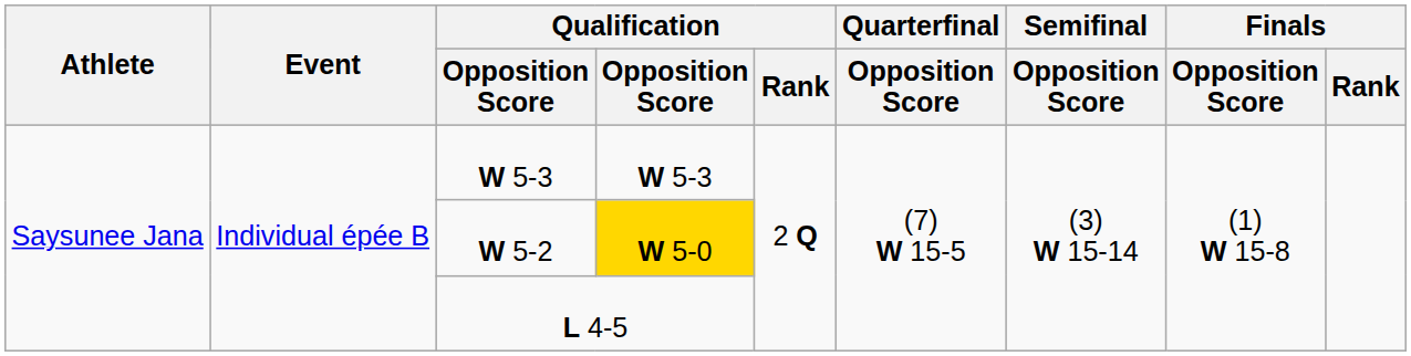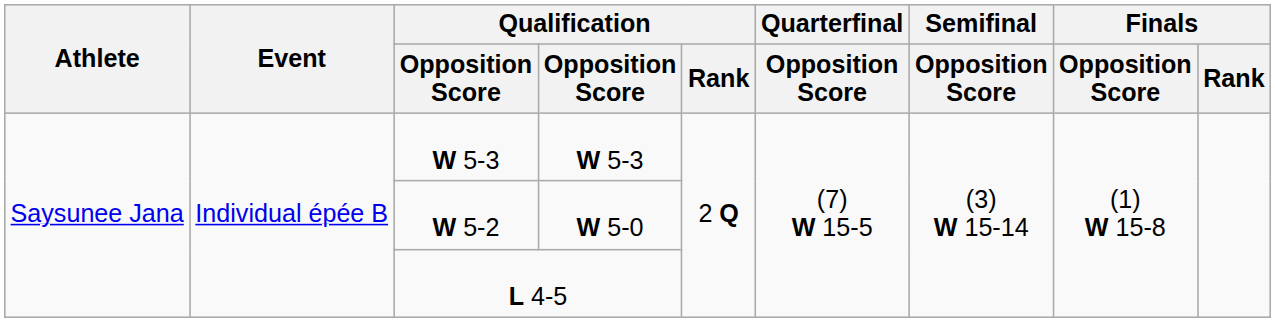 <table class=wikitable>
 <tr>
 <th rowspan="2">Athlete</th>
 <th rowspan="2">Event</th>
 <th colspan="3">Qualification</th>
 <th>Quarterfinal</th>
 <th>Semifinal</th>
 <th colspan="2">Finals</th>
 </tr>
 <tr>
 <th>Opposition<br>Score</th>
 <th>Opposition<br>Score</th>
 <th>Rank</th>
 <th>Opposition<br>Score</th>
 <th>Opposition<br>Score</th>
 <th>Opposition<br>Score</th>
 <th>Rank</th>
 </tr>
 <tr>
 <td rowspan=5><a href='#'>Saysunee Jana</a></td>
 <td rowspan=5><a href='#'>Individual épée B</a></td>
 <td align="center"><br><strong>W</strong> 5-3</td>
 <td align="center"><br><strong>W</strong> 5-3</td>
 <td align="center" rowspan=3>2 <strong>Q</strong></td>
 <td align="center" rowspan=3> (7)<br><strong>W</strong> 15-5</td>
 <td align="center" rowspan=3> (3)<br><strong>W</strong> 15-14</td>
 <td align="center" rowspan=3> (1)<br><strong>W</strong> 15-8</td>
 <td align="center" rowspan=3></td>
 </tr>
 <tr>
 <td align="center"><br><strong>W</strong> 5-2</td>
-<td align="center" style="background: gold;"><br><strong>W</strong> 5-0</td>
+<td align="center"><br><strong>W</strong> 5-0</td>
 </tr>
 <tr>
 <td align="center" colspan=2><br><strong>L</strong> 4-5</td>
 </tr>
 </table>
